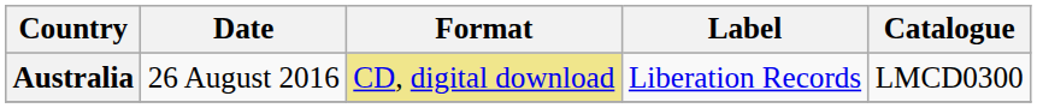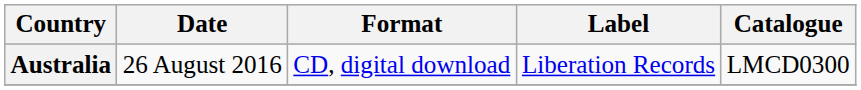 <table class="wikitable plainrowheaders">
 <tr>
 <th scope="col">Country</th>
 <th scope="col">Date</th>
 <th scope="col">Format</th>
 <th scope="col">Label</th>
 <th scope="col">Catalogue</th>
 </tr>
 <tr>
 <th scope="row">Australia</th>
 <td>26 August 2016</td>
-<td style="background: khaki;"><a href='#'>CD</a>, <a href='#'>digital download</a></td>
+<td><a href='#'>CD</a>, <a href='#'>digital download</a></td>
 <td><a href='#'>Liberation Records</a></td>
 <td>LMCD0300</td>
 </tr>
 <tr>
 </tr>
 </table>
